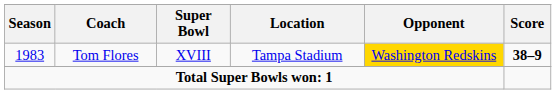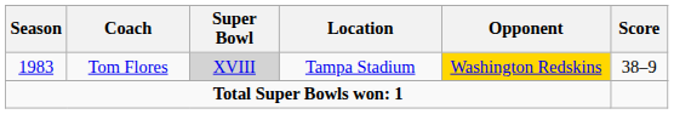 <table class="wikitable sortable" style="text-align:center">
 <tr>
 </tr>
 <tr>
 <th style="width:50px; ">Season</th>
 <th style="width:150px; ">Coach</th>
 <th style="width:100px; ">Super Bowl</th>
 <th style="width:200px; ">Location</th>
 <th style="width:200px; ">Opponent</th>
 <th style="width:50px; ">Score</th>
 </tr>
 <tr>
 <td><a href='#'>1983</a></td>
 <td><a href='#'>Tom Flores</a></td>
-<td><a href='#'>XVIII</a></td>
+<td style="background: lightgrey;"><a href='#'>XVIII</a></td>
 <td><a href='#'>Tampa Stadium</a></td>
 <td style="background: gold;"><a href='#'>Washington Redskins</a></td>
-<td><strong>38–9</strong></td>
+<td>38–9</td>
 </tr>
 <tr>
 </tr>
 <tr>
 <td colspan="5"><strong>Total Super Bowls won: 1</strong></td>
 <td></td>
 </tr>
 </table>
